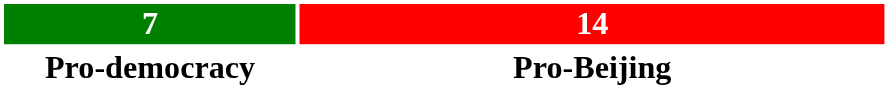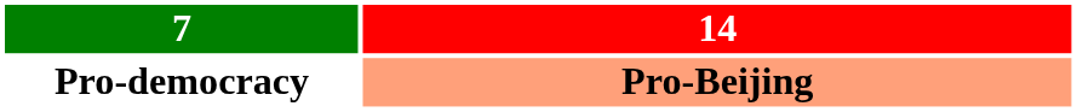 <table style="width:50%; text-align:center;">
 <tr style="color:white;">
 <td style="background:green; width:33.33%;"><strong>7</strong></td>
 <td style="background:red; width:66.67%;"><strong>14</strong></td>
 </tr>
 <tr>
 <td><span><strong>Pro-democracy</strong></span></td>
-<td><span><strong>Pro-Beijing</strong></span></td>
+<td style="background: lightsalmon;"><span><strong>Pro-Beijing</strong></span></td>
 </tr>
 </table>
